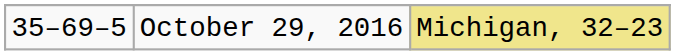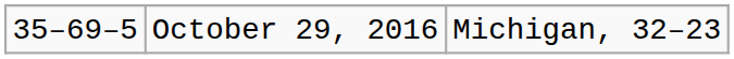 <table class="wikitable">
 <tr align="center">
 </tr>
 <tr align="center">
 <td>35–69–5</td>
 <td>October 29, 2016</td>
-<td style="background: khaki;">Michigan, 32–23</td>
+<td>Michigan, 32–23</td>
 </tr>
 </table>
